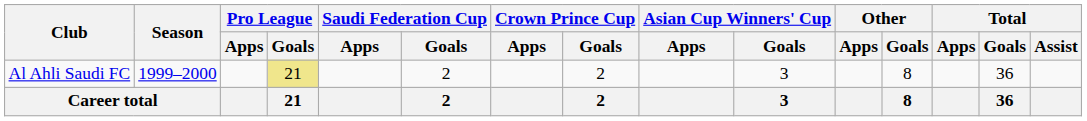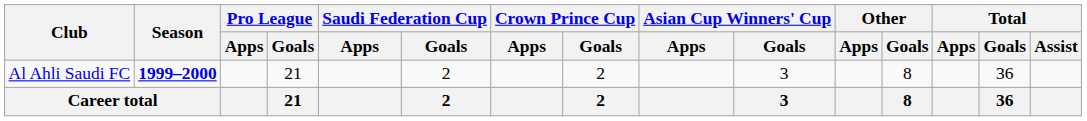 <table class="wikitable" style="text-align: center">
 <tr>
 <th rowspan="2">Club</th>
 <th rowspan="2">Season</th>
 <th colspan="2"><a href='#'>Pro League</a></th>
 <th colspan="2"><a href='#'>Saudi Federation Cup</a></th>
 <th colspan="2"><a href='#'>Crown Prince Cup</a></th>
 <th colspan="2"><a href='#'>Asian Cup Winners' Cup</a></th>
 <th colspan="2">Other</th>
 <th colspan="3">Total</th>
 </tr>
 <tr>
 <th>Apps</th>
 <th>Goals</th>
 <th>Apps</th>
 <th>Goals</th>
 <th>Apps</th>
 <th>Goals</th>
 <th>Apps</th>
 <th>Goals</th>
 <th>Apps</th>
 <th>Goals</th>
 <th>Apps</th>
 <th>Goals</th>
 <th>Assist</th>
 </tr>
 <tr>
 <td rowspan="1"><a href='#'>Al Ahli Saudi FC</a></td>
-<td><a href='#'>1999–2000</a></td>
+<td><strong><a href='#'>1999–2000</a></strong></td>
 <td></td>
-<td style="background: khaki;">21</td>
+<td>21</td>
 <td></td>
 <td>2</td>
 <td></td>
 <td>2</td>
 <td></td>
 <td>3</td>
 <td></td>
 <td>8</td>
 <td></td>
 <td>36</td>
 <td></td>
 </tr>
 <tr>
 <th colspan="2">Career total</th>
 <th></th>
 <th>21</th>
 <th></th>
 <th>2</th>
 <th></th>
 <th>2</th>
 <th></th>
 <th>3</th>
 <th></th>
 <th>8</th>
 <th></th>
 <th>36</th>
 <th></th>
 </tr>
 </table>
